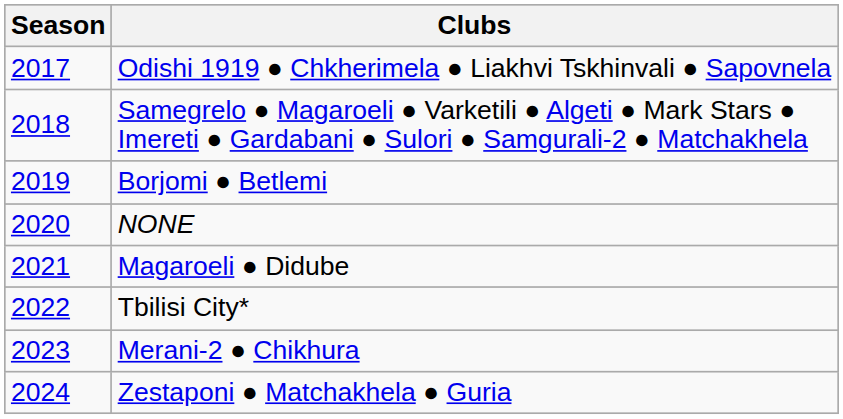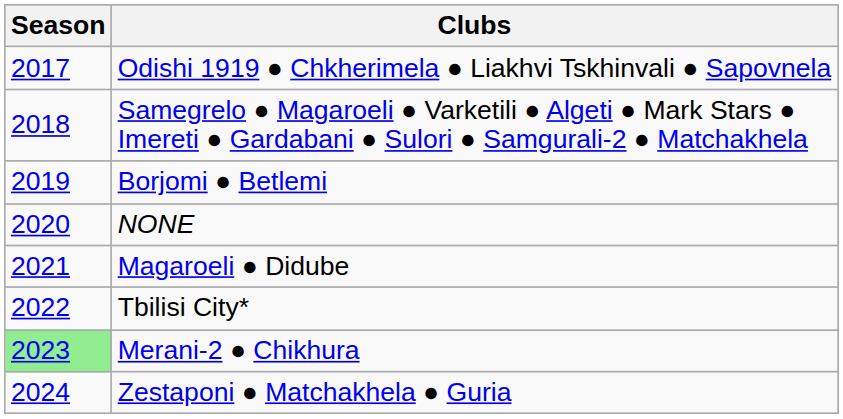 <table class="wikitable">
 <tr>
 <th>Season</th>
 <th>Clubs</th>
 </tr>
 <tr>
 <td><a href='#'>2017</a></td>
 <td><a href='#'>Odishi 1919</a> ● <a href='#'>Chkherimela</a> ● Liakhvi Tskhinvali ● <a href='#'>Sapovnela</a></td>
 </tr>
 <tr>
 <td><a href='#'>2018</a></td>
 <td><a href='#'>Samegrelo</a> ● <a href='#'>Magaroeli</a> ● Varketili ● <a href='#'>Algeti</a> ● Mark Stars ● <br><a href='#'>Imereti</a> ● <a href='#'>Gardabani</a> ● <a href='#'>Sulori</a> ● <a href='#'>Samgurali-2</a> ● <a href='#'>Matchakhela</a></td>
 </tr>
 <tr>
 <td><a href='#'>2019</a></td>
 <td><a href='#'>Borjomi</a> ● <a href='#'>Betlemi</a></td>
 </tr>
 <tr>
 <td><a href='#'>2020</a></td>
 <td><em>NONE</em></td>
 </tr>
 <tr>
 <td><a href='#'>2021</a></td>
 <td><a href='#'>Magaroeli</a> ● Didube</td>
 </tr>
 <tr>
 <td><a href='#'>2022</a></td>
 <td>Tbilisi City*</td>
 </tr>
 <tr>
-<td><a href='#'>2023</a></td>
+<td style="background: lightgreen;"><a href='#'>2023</a></td>
 <td><a href='#'>Merani-2</a> ● <a href='#'>Chikhura</a></td>
 </tr>
 <tr>
 <td><a href='#'>2024</a></td>
 <td><a href='#'>Zestaponi</a> ● <a href='#'>Matchakhela</a> ● <a href='#'>Guria</a></td>
 </tr>
 </table>
